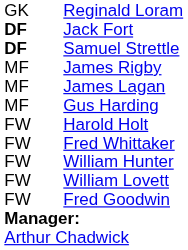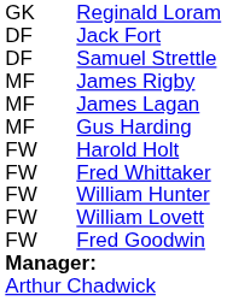 <table cellspacing="0" cellpadding="0" style="font-size:90%; margin:0.2em auto;">
 <tr>
 <th width="25"></th>
 <th width="25"></th>
 </tr>
 <tr>
 <td>GK</td>
 <td><strong> </strong></td>
 <td> <a href='#'>Reginald Loram</a></td>
 </tr>
 <tr>
-<td><strong>DF</strong></td>
+<td>DF</td>
 <td><strong> </strong></td>
 <td> <a href='#'>Jack Fort</a></td>
 </tr>
 <tr>
-<td><strong>DF</strong></td>
+<td>DF</td>
 <td><strong> </strong></td>
 <td> <a href='#'>Samuel Strettle</a></td>
 </tr>
 <tr>
 <td>MF</td>
 <td><strong> </strong></td>
 <td> <a href='#'>James Rigby</a></td>
 </tr>
 <tr>
 <td>MF</td>
 <td><strong> </strong></td>
 <td> <a href='#'>James Lagan</a></td>
 </tr>
 <tr>
 <td>MF</td>
 <td><strong> </strong></td>
 <td> <a href='#'>Gus Harding</a></td>
 </tr>
 <tr>
 <td>FW</td>
 <td><strong> </strong></td>
 <td> <a href='#'>Harold Holt</a></td>
 </tr>
 <tr>
 <td>FW</td>
 <td><strong> </strong></td>
 <td> <a href='#'>Fred Whittaker</a></td>
 </tr>
 <tr>
 <td>FW</td>
 <td><strong> </strong></td>
 <td> <a href='#'>William Hunter</a></td>
 </tr>
 <tr>
 <td>FW</td>
 <td><strong> </strong></td>
 <td> <a href='#'>William Lovett</a></td>
 </tr>
 <tr>
 <td>FW</td>
 <td><strong> </strong></td>
 <td> <a href='#'>Fred Goodwin</a></td>
 </tr>
 <tr>
 <td colspan=3><strong>Manager:</strong></td>
 </tr>
 <tr>
 <td colspan=4> <a href='#'>Arthur Chadwick</a></td>
 </tr>
 </table>
